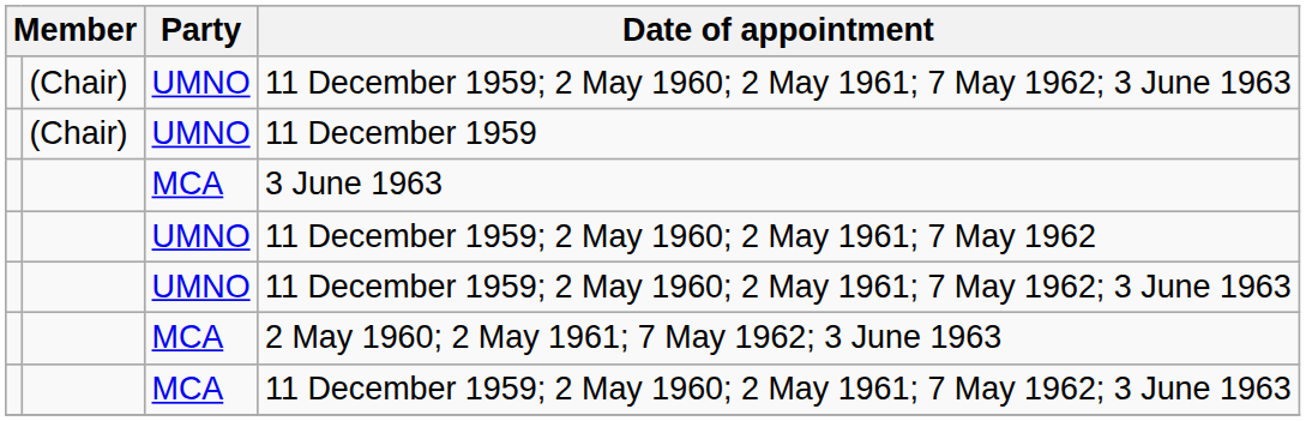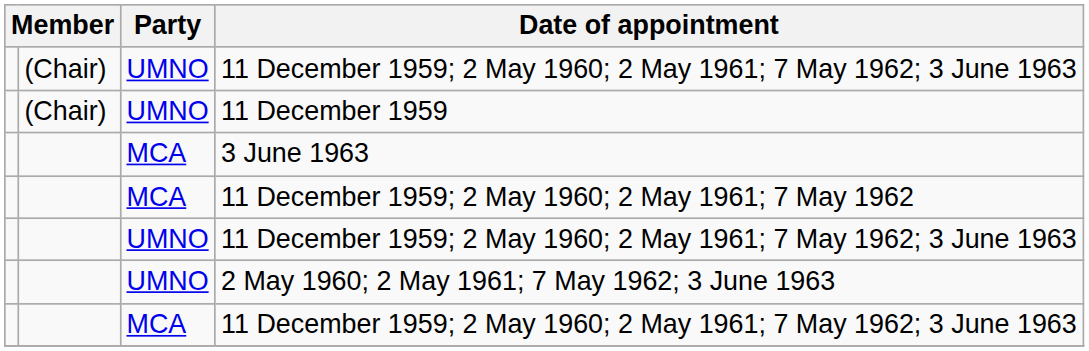 <table class="sortable wikitable">
 <tr>
 <th colspan="2" valign="top">Member</th>
 <th valign="top">Party</th>
 <th valign="top">Date of appointment</th>
 </tr>
 <tr>
 <td></td>
 <td> (Chair)</td>
 <td><a href='#'>UMNO</a></td>
 <td>11 December 1959; 2 May 1960; 2 May 1961; 7 May 1962; 3 June 1963</td>
 </tr>
 <tr>
 <td></td>
 <td> (Chair)</td>
 <td><a href='#'>UMNO</a></td>
 <td>11 December 1959</td>
 </tr>
 <tr>
 <td></td>
 <td></td>
 <td><a href='#'>MCA</a></td>
 <td>3 June 1963</td>
 </tr>
 <tr>
 <td></td>
 <td></td>
-<td><a href='#'>UMNO</a></td>
+<td><a href='#'>MCA</a></td>
 <td>11 December 1959; 2 May 1960; 2 May 1961; 7 May 1962</td>
 </tr>
 <tr>
 <td></td>
 <td></td>
 <td><a href='#'>UMNO</a></td>
 <td>11 December 1959; 2 May 1960; 2 May 1961; 7 May 1962; 3 June 1963</td>
 </tr>
 <tr>
 <td></td>
 <td></td>
-<td><a href='#'>MCA</a></td>
+<td><a href='#'>UMNO</a></td>
 <td>2 May 1960; 2 May 1961; 7 May 1962; 3 June 1963</td>
 </tr>
 <tr>
 <td></td>
 <td></td>
 <td><a href='#'>MCA</a></td>
 <td>11 December 1959; 2 May 1960; 2 May 1961; 7 May 1962; 3 June 1963</td>
 </tr>
 <tr>
 </tr>
 </table>
